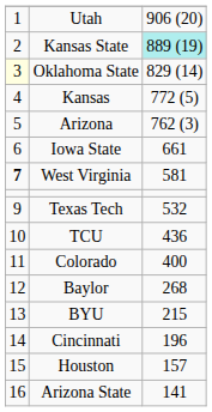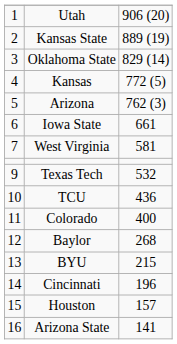 <table class="wikitable" style="display: inline-table;">
 <tr align="center">
 </tr>
 <tr align="center">
 <td>1</td>
 <td>Utah</td>
 <td>906 (20)</td>
 </tr>
 <tr align="center">
 <td>2</td>
 <td>Kansas State</td>
-<td style="background: paleturquoise;">889 (19)</td>
+<td>889 (19)</td>
 </tr>
 <tr align="center">
-<td style="background: lightyellow;">3</td>
+<td>3</td>
 <td>Oklahoma State</td>
 <td>829 (14)</td>
 </tr>
 <tr align="center">
 <td>4</td>
 <td>Kansas</td>
 <td>772 (5)</td>
 </tr>
 <tr align="center">
 <td>5</td>
 <td>Arizona</td>
 <td>762 (3)</td>
 </tr>
 <tr align="center">
 <td>6</td>
 <td>Iowa State</td>
 <td>661</td>
 </tr>
 <tr align="center">
-<td><strong>7</strong></td>
+<td>7</td>
 <td>West Virginia</td>
 <td>581</td>
 </tr>
 <tr align="center">
 <td style=><strong></strong></td>
 <td style=><strong></strong></td>
 <td style=><strong></strong></td>
 </tr>
 <tr align="center">
 <td>9</td>
 <td>Texas Tech</td>
 <td>532</td>
 </tr>
 <tr align="center">
 <td>10</td>
 <td>TCU</td>
 <td>436</td>
 </tr>
 <tr align="center">
 <td>11</td>
 <td>Colorado</td>
 <td>400</td>
 </tr>
 <tr align="center">
 <td>12</td>
 <td>Baylor</td>
 <td>268</td>
 </tr>
 <tr align="center">
 <td>13</td>
 <td>BYU</td>
 <td>215</td>
 </tr>
 <tr align="center">
 <td>14</td>
 <td>Cincinnati</td>
 <td>196</td>
 </tr>
 <tr align="center">
 <td>15</td>
 <td>Houston</td>
 <td>157</td>
 </tr>
 <tr align="center">
 <td>16</td>
 <td>Arizona State</td>
 <td>141</td>
 </tr>
 </table>
